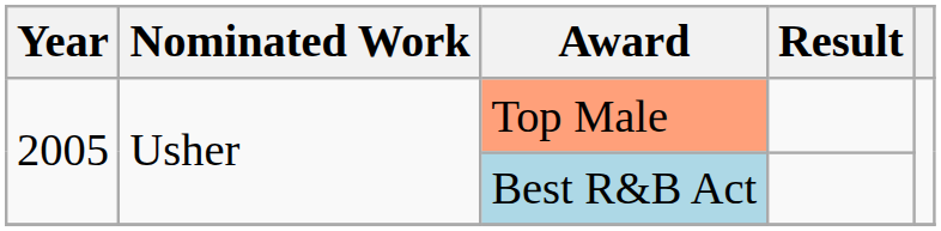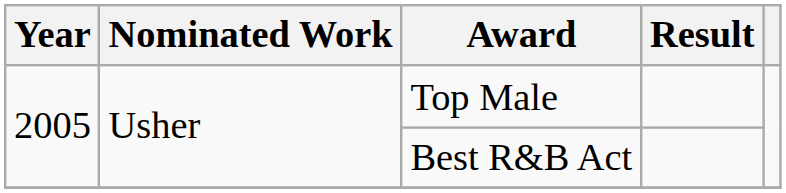 <table class="wikitable">
 <tr>
 <th>Year</th>
 <th>Nominated Work</th>
 <th>Award</th>
 <th>Result</th>
 <th></th>
 </tr>
 <tr>
 <td rowspan="2">2005</td>
 <td rowspan="2">Usher</td>
-<td style="background: lightsalmon;">Top Male</td>
+<td>Top Male</td>
 <td></td>
 <td style="text-align:center;" rowspan="2"></td>
 </tr>
 <tr>
-<td style="background: lightblue;">Best R&B Act</td>
+<td>Best R&B Act</td>
 <td></td>
 </tr>
 <tr>
 </tr>
 </table>
